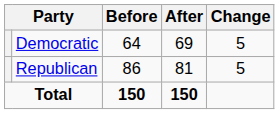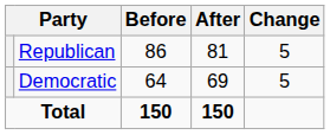 <table class="wikitable" style="text-align:center;">
 <tr>
 <th colspan="2">Party</th>
 <th>Before</th>
 <th>After</th>
 <th>Change</th>
 </tr>
 <tr>
 <th style="background-color:"></th>
-<td style="text-align:left;"><a href='#'>Democratic</a></td>
-<td>64</td>
-<td>69</td>
+<td style="text-align:left;"><a href='#'>Republican</a></td>
+<td>86</td>
+<td>81</td>
 <td> 5</td>
 </tr>
 <tr>
 <th style="background-color:"></th>
-<td style="text-align:left;"><a href='#'>Republican</a></td>
-<td>86</td>
-<td>81</td>
+<td style="text-align:left;"><a href='#'>Democratic</a></td>
+<td>64</td>
+<td>69</td>
 <td> 5</td>
 </tr>
 <tr>
 <td colspan="2"><strong>Total</strong></td>
 <td><strong>150</strong></td>
 <td><strong>150</strong></td>
 <td></td>
 </tr>
 </table>
